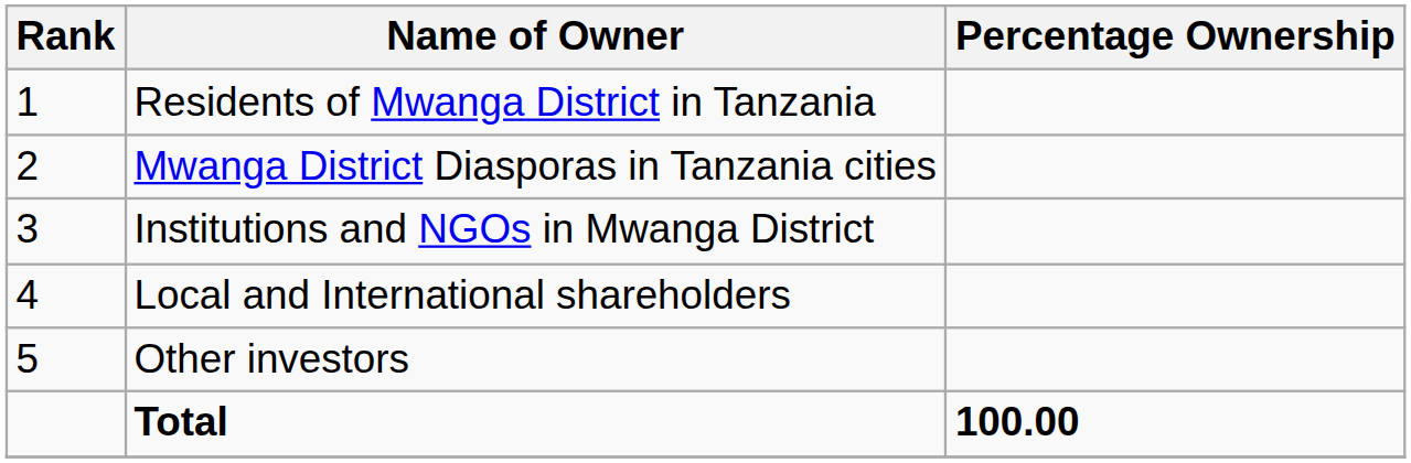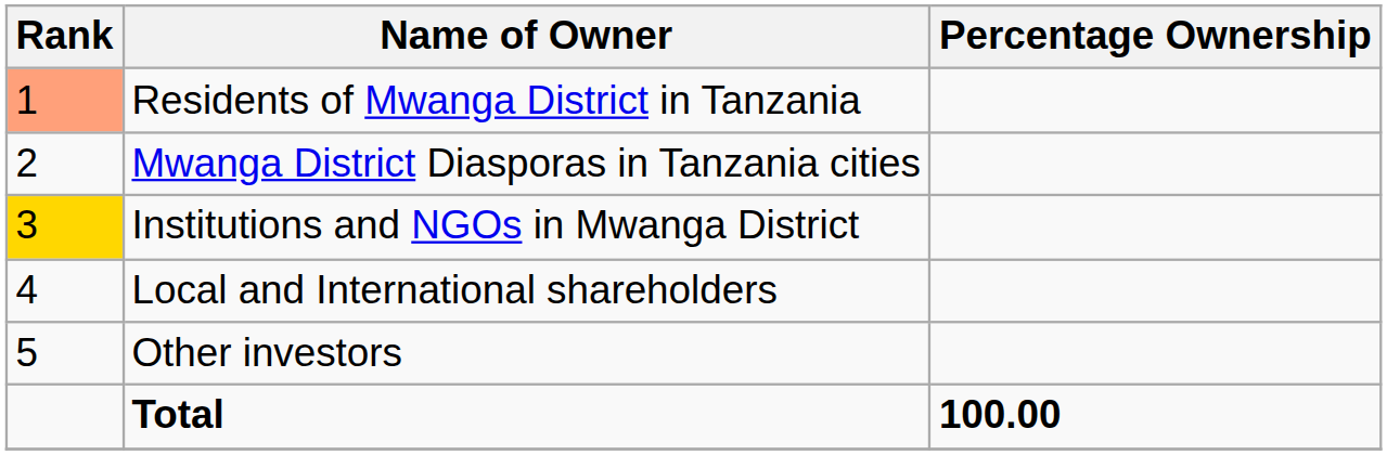 <table class="wikitable sortable" style="margin-left:auto;margin-right:auto">
 <tr>
 <th>Rank</th>
 <th>Name of Owner</th>
 <th>Percentage Ownership</th>
 </tr>
 <tr>
-<td>1</td>
+<td style="background: lightsalmon;">1</td>
 <td>Residents of <a href='#'>Mwanga District</a> in Tanzania</td>
 <td></td>
 </tr>
 <tr>
 <td>2</td>
 <td><a href='#'>Mwanga District</a> Diasporas in Tanzania cities</td>
 <td></td>
 </tr>
 <tr>
-<td>3</td>
+<td style="background: gold;">3</td>
 <td>Institutions and <a href='#'>NGOs</a> in Mwanga District</td>
 <td></td>
 </tr>
 <tr>
 <td>4</td>
 <td>Local and International shareholders</td>
 <td></td>
 </tr>
 <tr>
 <td>5</td>
 <td>Other investors</td>
 <td></td>
 </tr>
 <tr>
 <td></td>
 <td><strong>Total</strong></td>
 <td><strong>100.00</strong></td>
 </tr>
 <tr>
 </tr>
 </table>
